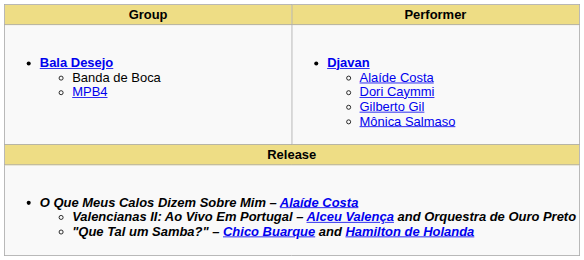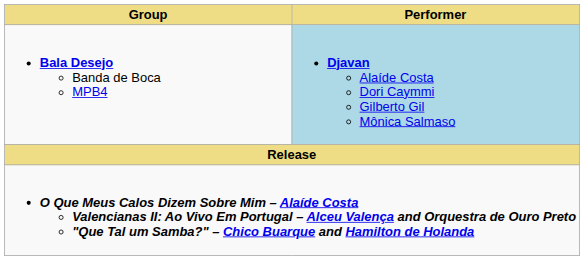 <table class="wikitable" style="width=">
 <tr>
 <th style="background:#EEDD85; width:50%">Group</th>
 <th style="background:#EEDD85; width:50%">Performer</th>
 </tr>
 <tr>
 <td style="vertical-align:top"><br><ul><li><strong><a href='#'>Bala Desejo</a></strong><ul><li>Banda de Boca</li><li><a href='#'>MPB4</a></li></ul></li></ul></td>
-<td style="vertical-align:top"><br><ul><li><strong><a href='#'>Djavan</a></strong><ul><li><a href='#'>Alaíde Costa</a></li><li><a href='#'>Dori Caymmi</a></li><li><a href='#'>Gilberto Gil</a></li><li><a href='#'>Mônica Salmaso</a></li></ul></li></ul></td>
+<td style="background: lightblue; vertical-align:top"><br><ul><li><strong><a href='#'>Djavan</a></strong><ul><li><a href='#'>Alaíde Costa</a></li><li><a href='#'>Dori Caymmi</a></li><li><a href='#'>Gilberto Gil</a></li><li><a href='#'>Mônica Salmaso</a></li></ul></li></ul></td>
 </tr>
 <tr>
 <th colspan="2" style="background:#EEDD85; width:50%">Release</th>
 </tr>
 <tr>
 <td colspan="2" style="vertical-align:top"><br><ul><li><strong><em>O Que Meus Calos Dizem Sobre Mim<em> – <a href='#'>Alaíde Costa</a><strong><ul><li></em>Valencianas II: Ao Vivo Em Portugal<em> – <a href='#'>Alceu Valença</a> and Orquestra de Ouro Preto</li><li>"Que Tal um Samba?" – <a href='#'>Chico Buarque</a> and <a href='#'>Hamilton de Holanda</a></li></ul></li></ul></td>
 </tr>
 </table>
